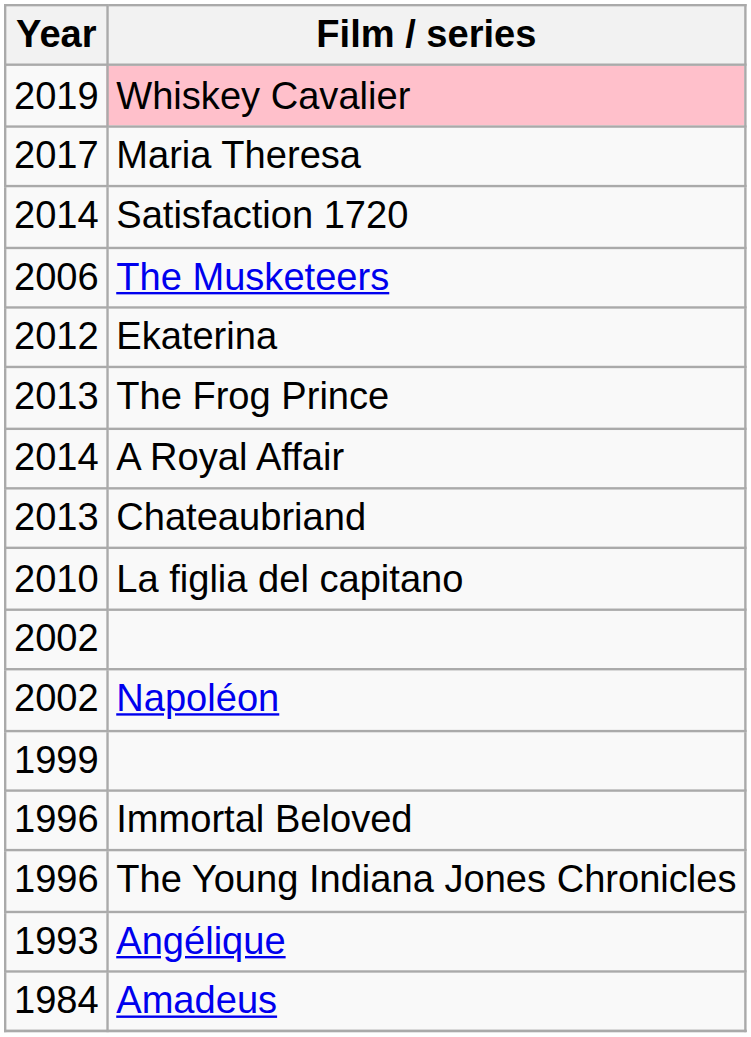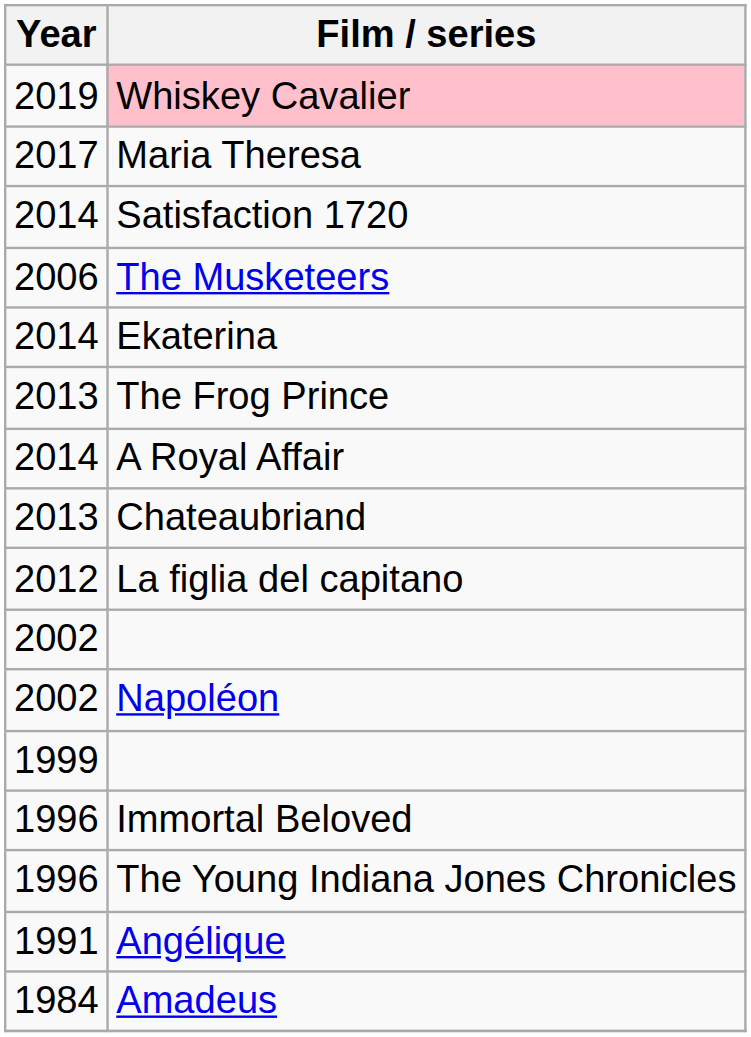 <table class="wikitable">
 <tr>
 <th>Year</th>
 <th>Film / series</th>
 </tr>
 <tr>
 <td>2019</td>
 <td style="background: pink;">Whiskey Cavalier</td>
 </tr>
 <tr>
 <td>2017</td>
 <td>Maria Theresa</td>
 </tr>
 <tr>
 <td>2014</td>
 <td>Satisfaction 1720</td>
 </tr>
 <tr>
 <td>2006</td>
 <td><a href='#'>The Musketeers</a></td>
 </tr>
 <tr>
-<td>2012</td>
+<td>2014</td>
 <td>Ekaterina</td>
 </tr>
 <tr>
 <td>2013</td>
 <td>The Frog Prince</td>
 </tr>
 <tr>
 <td>2014</td>
 <td>A Royal Affair</td>
 </tr>
 <tr>
 <td>2013</td>
 <td>Chateaubriand</td>
 </tr>
 <tr>
-<td>2010</td>
+<td>2012</td>
 <td>La figlia del capitano</td>
 </tr>
 <tr>
 <td>2002</td>
 <td></td>
 </tr>
 <tr>
 <td>2002</td>
 <td><a href='#'>Napoléon</a></td>
 </tr>
 <tr>
 <td>1999</td>
 <td></td>
 </tr>
 <tr>
 <td>1996</td>
 <td>Immortal Beloved</td>
 </tr>
 <tr>
 <td>1996</td>
 <td>The Young Indiana Jones Chronicles</td>
 </tr>
 <tr>
-<td>1993</td>
+<td>1991</td>
 <td><a href='#'>Angélique</a></td>
 </tr>
 <tr>
 <td>1984</td>
 <td><a href='#'>Amadeus</a></td>
 </tr>
 <tr>
 </tr>
 </table>
